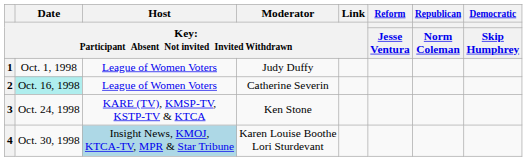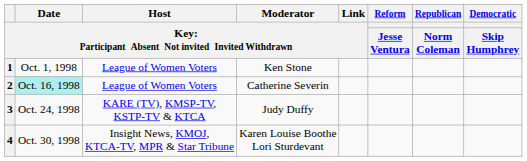 <table class="wikitable" style="text-align:center;">
 <tr>
 <th scope="col"></th>
 <th scope="col">Date</th>
 <th scope="col">Host</th>
 <th scope="col">Moderator</th>
 <th scope="col">Link</th>
 <th scope="col"><small><a href='#'>Reform</a></small></th>
 <th scope="col"><small><a href='#'>Republican</a></small></th>
 <th scope="col"><small><a href='#'>Democratic</a></small></th>
 </tr>
 <tr>
 <th colspan="5" rowspan="2">Key:<br> <small>Participant </small>  <small>Absent </small>  <small>Not invited </small>  <small>Invited  Withdrawn</small></th>
 <th scope="col" style="background:"></th>
 <th scope="col" style="background:"></th>
 <th scope="col" style="background:"></th>
 </tr>
 <tr>
 <th scope="col"><a href='#'>Jesse Ventura</a></th>
 <th scope="col"><a href='#'>Norm Coleman</a></th>
 <th scope="col"><a href='#'>Skip Humphrey</a></th>
 </tr>
 <tr>
 <th>1</th>
 <td style="white-space:nowrap;">Oct. 1, 1998</td>
 <td style="white-space:nowrap;"><a href='#'>League of Women Voters</a></td>
-<td style="white-space:nowrap;">Judy Duffy</td>
+<td style="white-space:nowrap;">Ken Stone</td>
 <td style="white-space:nowrap;"></td>
 <td></td>
 <td></td>
 <td></td>
 </tr>
 <tr>
 <th>2</th>
 <td style="background: paleturquoise; white-space:nowrap;">Oct. 16, 1998</td>
 <td style="white-space:nowrap;"><a href='#'>League of Women Voters</a></td>
 <td style="white-space:nowrap;">Catherine Severin</td>
 <td style="white-space:nowrap;"></td>
 <td></td>
 <td></td>
 <td></td>
 </tr>
 <tr>
 <th>3</th>
 <td style="white-space:nowrap;">Oct. 24, 1998</td>
 <td style="white-space:nowrap;"><a href='#'>KARE (TV)</a>, <a href='#'>KMSP-TV</a>,<br><a href='#'>KSTP-TV</a> & <a href='#'>KTCA</a></td>
-<td style="white-space:nowrap;">Ken Stone</td>
+<td style="white-space:nowrap;">Judy Duffy</td>
 <td style="white-space:nowrap;"></td>
 <td></td>
 <td></td>
 <td></td>
 </tr>
 <tr>
 <th>4</th>
 <td style="white-space:nowrap;">Oct. 30, 1998</td>
-<td style="background: lightblue; white-space:nowrap;">Insight News, <a href='#'>KMOJ</a>,<br><a href='#'>KTCA-TV</a>, <a href='#'>MPR</a> & <a href='#'>Star Tribune</a></td>
+<td style="white-space:nowrap;">Insight News, <a href='#'>KMOJ</a>,<br><a href='#'>KTCA-TV</a>, <a href='#'>MPR</a> & <a href='#'>Star Tribune</a></td>
 <td style="white-space:nowrap;">Karen Louise Boothe<br>Lori Sturdevant</td>
 <td style="white-space:nowrap;"></td>
 <td></td>
 <td></td>
 <td></td>
 </tr>
 </table>
